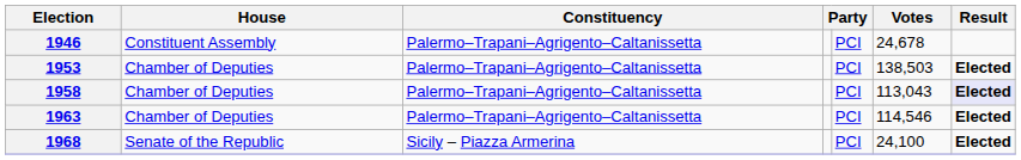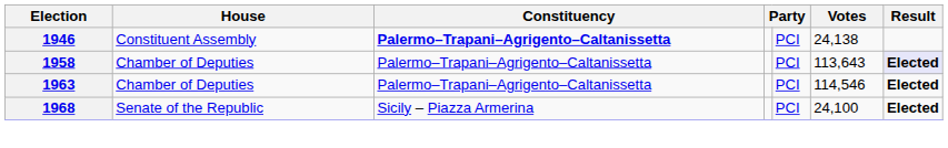 <table class=wikitable style="width:65%; border:1px #AAAAFF solid">
 <tr>
 <th width=12%>Election</th>
 <th width=30%>House</th>
 <th width=45%>Constituency</th>
 <th width=5% colspan="2">Party</th>
 <th width=12%>Votes</th>
 <th width=12%>Result</th>
 </tr>
 <tr>
 <th><a href='#'>1946</a></th>
 <td><a href='#'>Constituent Assembly</a></td>
-<td><a href='#'>Palermo–Trapani–Agrigento–Caltanissetta</a></td>
+<td><strong><a href='#'>Palermo–Trapani–Agrigento–Caltanissetta</a></strong></td>
 <td></td>
 <td><a href='#'>PCI</a></td>
-<td>24,678</td>
+<td>24,138</td>
 <td></td>
-</tr>
-<tr>
-<th><a href='#'>1953</a></th>
-<td><a href='#'>Chamber of Deputies</a></td>
-<td><a href='#'>Palermo–Trapani–Agrigento–Caltanissetta</a></td>
-<td></td>
-<td><a href='#'>PCI</a></td>
-<td>138,503</td>
-<td> <strong>Elected</strong></td>
 </tr>
 <tr>
 <th><a href='#'>1958</a></th>
 <td><a href='#'>Chamber of Deputies</a></td>
 <td><a href='#'>Palermo–Trapani–Agrigento–Caltanissetta</a></td>
 <td></td>
 <td><a href='#'>PCI</a></td>
-<td>113,043</td>
+<td>113,643</td>
 <td style="background: lavender;"> <strong>Elected</strong></td>
 </tr>
 <tr>
 <th><a href='#'>1963</a></th>
 <td><a href='#'>Chamber of Deputies</a></td>
 <td><a href='#'>Palermo–Trapani–Agrigento–Caltanissetta</a></td>
 <td></td>
 <td><a href='#'>PCI</a></td>
 <td>114,546</td>
 <td> <strong>Elected</strong></td>
 </tr>
 <tr>
 <th><a href='#'>1968</a></th>
 <td><a href='#'>Senate of the Republic</a></td>
 <td><a href='#'>Sicily</a> – <a href='#'>Piazza Armerina</a></td>
 <td></td>
 <td><a href='#'>PCI</a></td>
 <td>24,100</td>
 <td> <strong>Elected</strong></td>
 </tr>
 <tr>
 </tr>
 </table>
